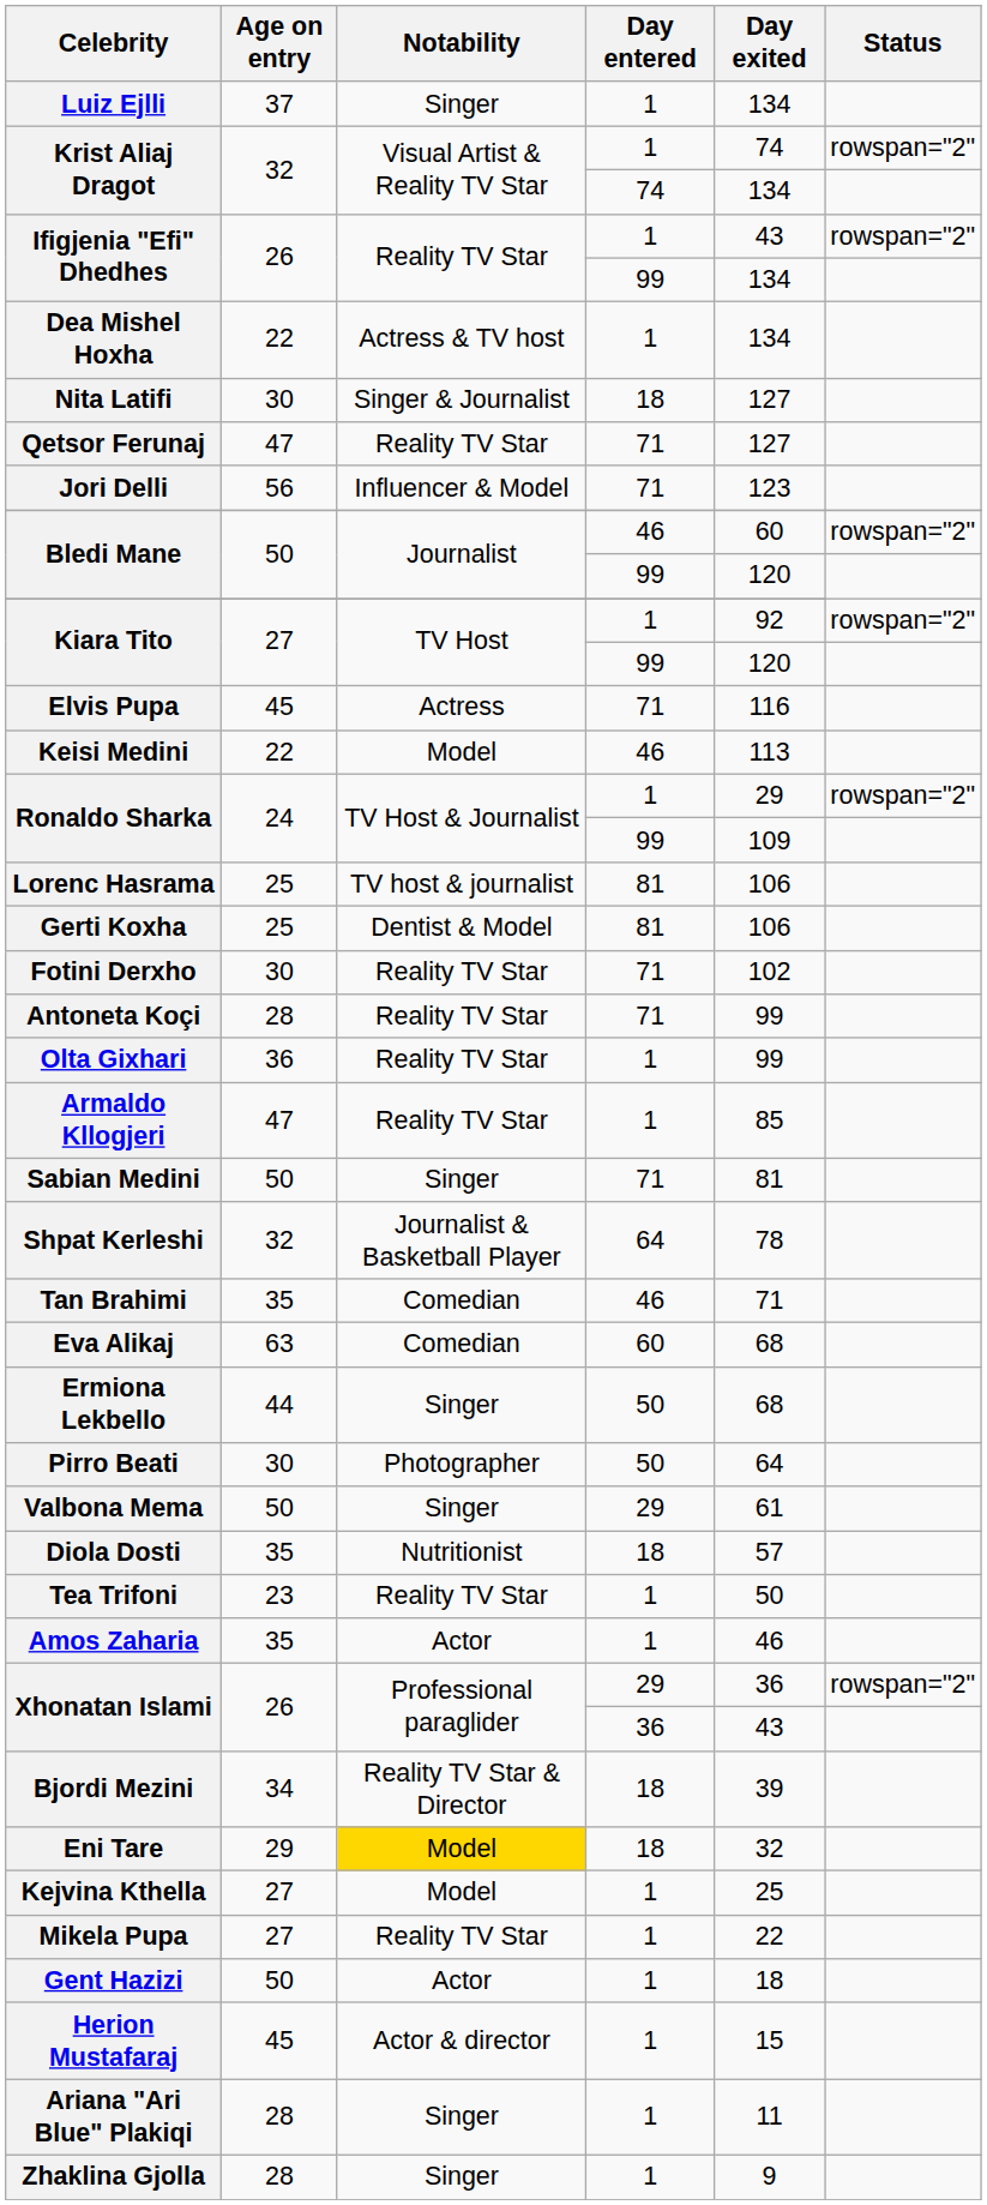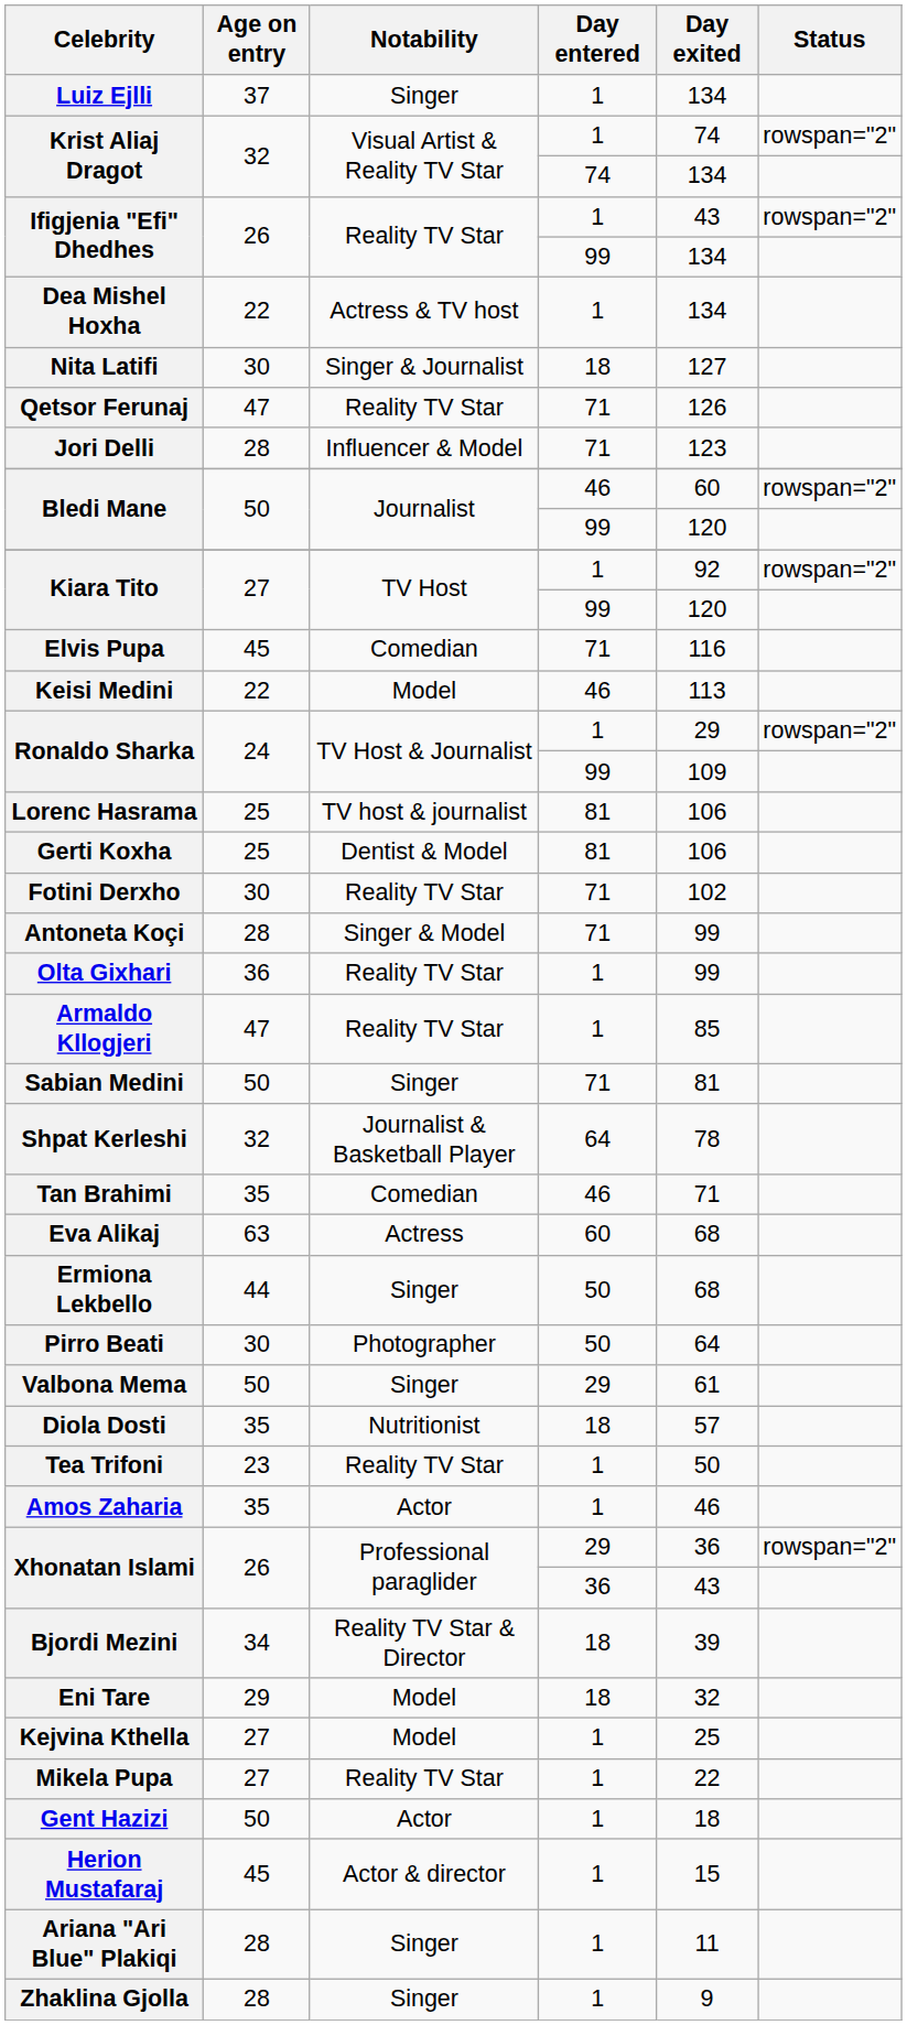 <table class="wikitable sortable" style="text-align:left; line-height:20px; width:auto;">
 <tr>
 <th scope="col">Celebrity</th>
 <th scope="col">Age on entry</th>
 <th scope="col">Notability</th>
 <th scope="col">Day entered</th>
 <th scope="col">Day exited</th>
 <th scope="col">Status</th>
 </tr>
 <tr>
 <th scope="row"><a href='#'>Luiz Ejlli</a></th>
 <td align="center">37</td>
 <td align="center">Singer</td>
 <td align="center">1</td>
 <td align="center">134</td>
 <td></td>
 </tr>
 <tr>
 <th scope="row" rowspan="2">Krist Aliaj Dragot</th>
 <td align="center" rowspan="2">32</td>
 <td align="center" rowspan="2">Visual Artist & Reality TV Star</td>
 <td align="center">1</td>
 <td align="center">74</td>
 <td>rowspan="2" </td>
 </tr>
 <tr>
 <td align="center">74</td>
 <td align="center">134</td>
 </tr>
 <tr>
 <th scope="row" rowspan="2">Ifigjenia "Efi" Dhedhes</th>
 <td align="center" rowspan="2">26</td>
 <td align="center" rowspan="2">Reality TV Star</td>
 <td align="center">1</td>
 <td align="center">43</td>
 <td>rowspan="2" </td>
 </tr>
 <tr>
 <td align="center">99</td>
 <td align="center">134</td>
 </tr>
 <tr>
 <th scope="row">Dea Mishel Hoxha</th>
 <td align="center">22</td>
 <td align="center">Actress & TV host</td>
 <td align="center">1</td>
 <td align="center">134</td>
 <td></td>
 </tr>
 <tr>
 <th scope="row">Nita Latifi</th>
 <td align="center">30</td>
 <td align="center">Singer & Journalist</td>
 <td align="center">18</td>
 <td align="center">127</td>
 <td></td>
 </tr>
 <tr>
 <th scope="row">Qetsor Ferunaj</th>
 <td align="center">47</td>
 <td align="center">Reality TV Star</td>
 <td align="center">71</td>
-<td align="center">127</td>
+<td align="center">126</td>
 <td></td>
 </tr>
 <tr>
 <th scope="row">Jori Delli</th>
-<td align="center">56</td>
+<td align="center">28</td>
 <td align="center">Influencer & Model</td>
 <td align="center">71</td>
 <td align="center">123</td>
 <td></td>
 </tr>
 <tr>
 </tr>
 <tr>
 <th scope="row" rowspan="2">Bledi Mane</th>
 <td align="center" rowspan="2">50</td>
 <td align="center" rowspan="2">Journalist</td>
 <td align="center">46</td>
 <td align="center">60</td>
 <td>rowspan="2" </td>
 </tr>
 <tr>
 <td align="center">99</td>
 <td align="center">120</td>
 </tr>
 <tr>
 </tr>
 <tr>
 <th scope="row" rowspan="2">Kiara Tito</th>
 <td align="center" rowspan="2">27</td>
 <td align="center" rowspan="2">TV Host</td>
 <td align="center">1</td>
 <td align="center">92</td>
 <td>rowspan="2" </td>
 </tr>
 <tr>
 <td align="center">99</td>
 <td align="center">120</td>
 </tr>
 <tr>
 <th scope="row">Elvis Pupa</th>
 <td align="center">45</td>
-<td align="center">Actress</td>
+<td align="center">Comedian</td>
 <td align="center">71</td>
 <td align="center">116</td>
 <td></td>
 </tr>
 <tr>
 <th scope="row">Keisi Medini</th>
 <td align="center">22</td>
 <td align="center">Model</td>
 <td align="center">46</td>
 <td align="center">113</td>
 <td></td>
 </tr>
 <tr>
 <th scope="row" rowspan="2">Ronaldo Sharka</th>
 <td align="center" rowspan="2">24</td>
 <td align="center" rowspan="2">TV Host & Journalist</td>
 <td align="center">1</td>
 <td align="center">29</td>
 <td>rowspan="2" </td>
 </tr>
 <tr>
 <td align="center">99</td>
 <td align="center">109</td>
 </tr>
 <tr>
 <th scope="row">Lorenc Hasrama</th>
 <td align="center">25</td>
 <td align="center">TV host & journalist</td>
 <td align="center">81</td>
 <td align="center">106</td>
 <td></td>
 </tr>
 <tr>
 <th scope="row">Gerti Koxha</th>
 <td align="center">25</td>
 <td align="center">Dentist & Model</td>
 <td align="center">81</td>
 <td align="center">106</td>
 <td></td>
 </tr>
 <tr>
 <th scope="row">Fotini Derxho</th>
 <td align="center">30</td>
 <td align="center">Reality TV Star</td>
 <td align="center">71</td>
 <td align="center">102</td>
 <td></td>
 </tr>
 <tr>
 <th scope="row">Antoneta Koçi</th>
 <td align="center">28</td>
-<td align="center">Reality TV Star</td>
+<td align="center">Singer & Model</td>
 <td align="center">71</td>
 <td align="center">99</td>
 <td></td>
 </tr>
 <tr>
 <th scope="row"><a href='#'>Olta Gixhari</a></th>
 <td align="center">36</td>
 <td align="center">Reality TV Star</td>
 <td align="center">1</td>
 <td align="center">99</td>
 <td></td>
 </tr>
 <tr>
 <th scope="row"><a href='#'>Armaldo Kllogjeri</a></th>
 <td align="center">47</td>
 <td align="center">Reality TV Star</td>
 <td align="center">1</td>
 <td align="center">85</td>
 <td></td>
 </tr>
 <tr>
 <th scope="row">Sabian Medini</th>
 <td align="center">50</td>
 <td align="center">Singer</td>
 <td align="center">71</td>
 <td align="center">81</td>
 <td></td>
 </tr>
 <tr>
 <th scope="row">Shpat Kerleshi</th>
 <td align="center">32</td>
 <td align="center">Journalist & Basketball Player</td>
 <td align="center">64</td>
 <td align="center">78</td>
 <td></td>
 </tr>
 <tr>
 <th scope="row">Tan Brahimi</th>
 <td align="center">35</td>
 <td align="center">Comedian</td>
 <td align="center">46</td>
 <td align="center">71</td>
 <td></td>
 </tr>
 <tr>
 <th scope="row">Eva Alikaj</th>
 <td align="center">63</td>
-<td align="center">Comedian</td>
+<td align="center">Actress</td>
 <td align="center">60</td>
 <td align="center">68</td>
 <td></td>
 </tr>
 <tr>
 <th scope="row">Ermiona Lekbello</th>
 <td align="center">44</td>
 <td align="center">Singer</td>
 <td align="center">50</td>
 <td align="center">68</td>
 <td></td>
 </tr>
 <tr>
 <th scope="row">Pirro Beati</th>
 <td align="center">30</td>
 <td align="center">Photographer</td>
 <td align="center">50</td>
 <td align="center">64</td>
 <td></td>
 </tr>
 <tr>
 <th scope="row">Valbona Mema</th>
 <td align="center">50</td>
 <td align="center">Singer</td>
 <td align="center">29</td>
 <td align="center">61</td>
 <td></td>
 </tr>
 <tr>
 <th scope="row">Diola Dosti</th>
 <td align="center">35</td>
 <td align="center">Nutritionist</td>
 <td align="center">18</td>
 <td align="center">57</td>
 <td></td>
 </tr>
 <tr>
 <th scope="row">Tea Trifoni</th>
 <td align="center">23</td>
 <td align="center">Reality TV Star</td>
 <td align="center">1</td>
 <td align="center">50</td>
 <td></td>
 </tr>
 <tr>
 <th scope="row"><a href='#'>Amos Zaharia</a></th>
 <td align="center">35</td>
 <td align="center">Actor</td>
 <td align="center">1</td>
 <td align="center">46</td>
 <td></td>
 </tr>
 <tr>
 <th scope="row" rowspan="2">Xhonatan Islami</th>
 <td align="center" rowspan="2">26</td>
 <td align="center" rowspan="2">Professional paraglider</td>
 <td align="center">29</td>
 <td align="center">36</td>
 <td>rowspan="2" </td>
 </tr>
 <tr>
 <td align="center">36</td>
 <td align="center">43</td>
 </tr>
 <tr>
 <th scope="row">Bjordi Mezini</th>
 <td align="center">34</td>
 <td align="center">Reality TV Star & Director</td>
 <td align="center">18</td>
 <td align="center">39</td>
 <td></td>
 </tr>
 <tr>
 <th scope="row">Eni Tare</th>
 <td align="center">29</td>
-<td align="center" style="background: gold;">Model</td>
+<td align="center">Model</td>
 <td align="center">18</td>
 <td align="center">32</td>
 <td></td>
 </tr>
 <tr>
 <th scope="row">Kejvina Kthella</th>
 <td align="center">27</td>
 <td align="center">Model</td>
 <td align="center">1</td>
 <td align="center">25</td>
 <td></td>
 </tr>
 <tr>
 <th scope="row">Mikela Pupa</th>
 <td align="center">27</td>
 <td align="center">Reality TV Star</td>
 <td align="center">1</td>
 <td align="center">22</td>
 <td></td>
 </tr>
 <tr>
 <th scope="row"><a href='#'>Gent Hazizi</a></th>
 <td align="center">50</td>
 <td align="center">Actor</td>
 <td align="center">1</td>
 <td align="center">18</td>
 <td></td>
 </tr>
 <tr>
 <th scope="row"><a href='#'>Herion Mustafaraj</a></th>
 <td align="center">45</td>
 <td align="center">Actor & director</td>
 <td align="center">1</td>
 <td align="center">15</td>
 <td></td>
 </tr>
 <tr>
 <th scope="row">Ariana "Ari Blue" Plakiqi</th>
 <td align="center">28</td>
 <td align="center">Singer</td>
 <td align="center">1</td>
 <td align="center">11</td>
 <td></td>
 </tr>
 <tr>
 <th scope="row">Zhaklina Gjolla</th>
 <td align="center">28</td>
 <td align="center">Singer</td>
 <td align="center">1</td>
 <td align="center">9</td>
 <td></td>
 </tr>
 </table>
